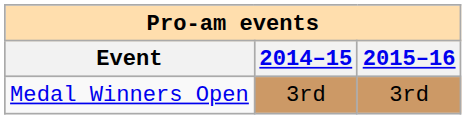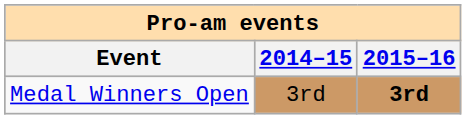 <table class="wikitable" style="text-align:center">
 <tr>
 <th style="background-color: #ffdead;" colspan=3>Pro-am events</th>
 </tr>
 <tr>
 <th>Event</th>
 <th><a href='#'>2014–15</a></th>
 <th><a href='#'>2015–16</a></th>
 </tr>
 <tr>
 <td align=left><a href='#'>Medal Winners Open</a></td>
 <td bgcolor=cc9966>3rd</td>
-<td bgcolor=cc9966>3rd</td>
+<td bgcolor=cc9966><strong>3rd</strong></td>
 </tr>
 </table>
